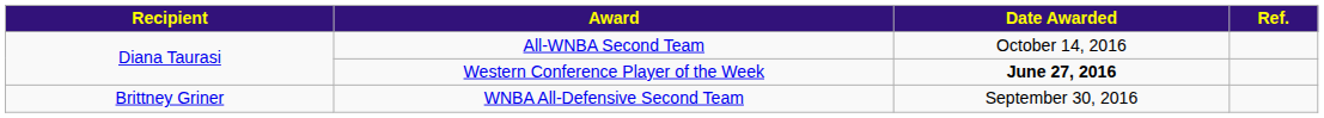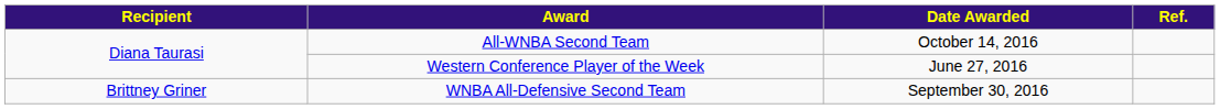 <table class="wikitable sortable" style="text-align: center">
 <tr>
 <th style="background:#32127A; color:#FFFF00;" width="5%">Recipient</th>
 <th style="background:#32127A; color:#FFFF00;" width="9%">Award</th>
 <th style="background:#32127A; color:#FFFF00;" width="5%">Date Awarded</th>
 <th style="background:#32127A; color:#FFFF00;" width="1%" class="unsortable">Ref.</th>
 </tr>
 <tr>
 <td rowspan=2><a href='#'>Diana Taurasi</a></td>
 <td><a href='#'>All-WNBA Second Team</a></td>
 <td>October 14, 2016</td>
 <td></td>
 </tr>
 <tr>
 <td><a href='#'>Western Conference Player of the Week</a></td>
-<td><strong>June 27, 2016</strong></td>
+<td>June 27, 2016</td>
 <td></td>
 </tr>
 <tr>
 <td><a href='#'>Brittney Griner</a></td>
 <td><a href='#'>WNBA All-Defensive Second Team</a></td>
 <td>September 30, 2016</td>
 <td></td>
 </tr>
 </table>
